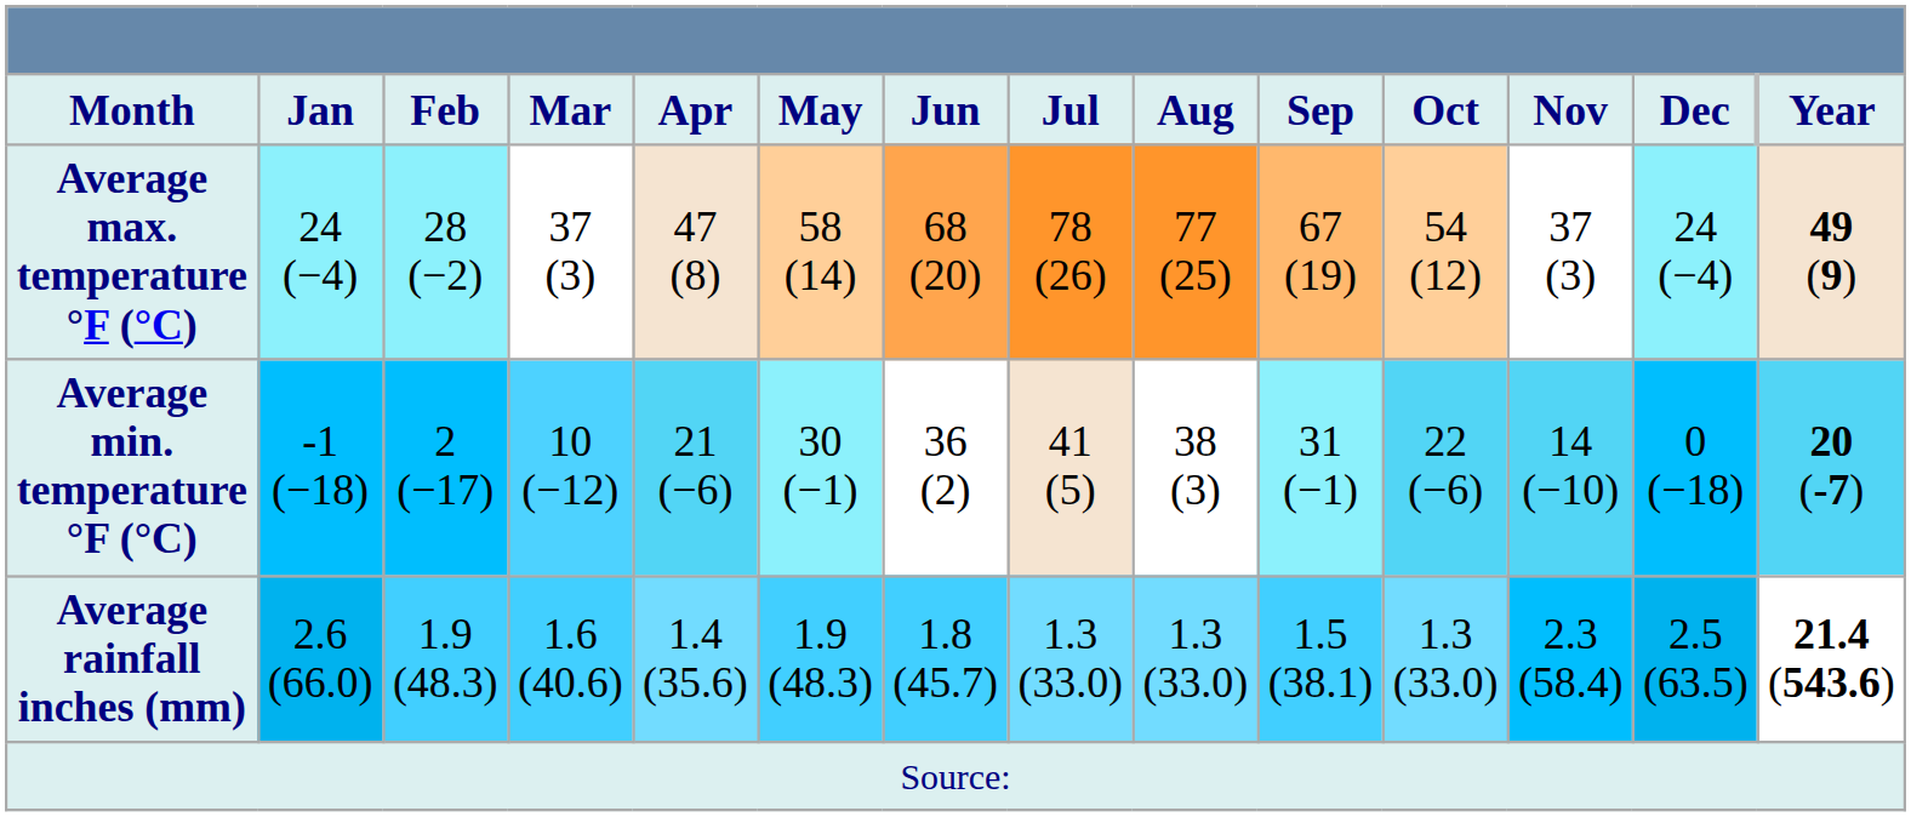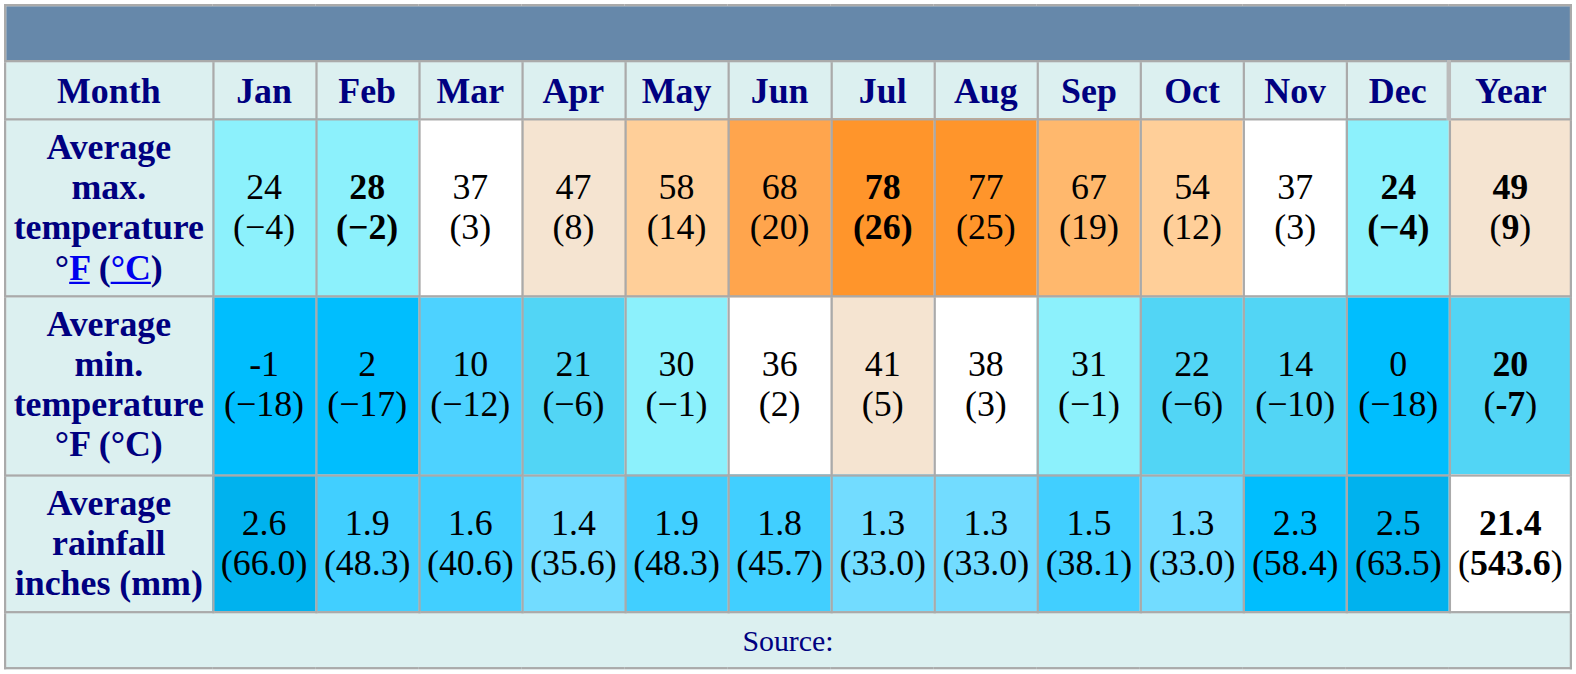 <table class="wikitable collapsible" style="width:700px;">
 <tr>
 <th colspan= "14" style="background: #6688AA; color: #6688AA"><span> Average maximum and minimum temperatures, and average rainfall.</span></th>
 </tr>
 <tr style="text-align:center;">
 <th style="background:#dcf0f0; color:navy; height:17px;">Month</th>
 <th style="background:#dcf0f0; color:navy;">Jan</th>
 <th style="background:#dcf0f0; color:navy;">Feb</th>
 <th style="background:#dcf0f0; color:navy;">Mar</th>
 <th style="background:#dcf0f0; color:navy;">Apr</th>
 <th style="background:#dcf0f0; color:navy;">May</th>
 <th style="background:#dcf0f0; color:navy;">Jun</th>
 <th style="background:#dcf0f0; color:navy;">Jul</th>
 <th style="background:#dcf0f0; color:navy;">Aug</th>
 <th style="background:#dcf0f0; color:navy;">Sep</th>
 <th style="background:#dcf0f0; color:navy;">Oct</th>
 <th style="background:#dcf0f0; color:navy;">Nov</th>
 <th style="background:#dcf0f0; color:navy;">Dec</th>
 <th style="background:#dcf0f0; color:navy; border-left:2px solid #bbb;"><strong>Year</strong></th>
 </tr>
 <tr style="text-align:center;">
 <th style="background:#dcf0f0; color:navy; height:16px;">Average max. temperature °<a href='#'>F</a> (<a href='#'>°C</a>)</th>
 <td style="background: #8CF1FC;">24<br>(−4)</td>
-<td style="background: #8CF1FC;">28<br>(−2)</td>
+<td style="background: #8CF1FC;"><strong>28<br>(−2)</strong></td>
 <td style="background:#fff;">37<br>(3)</td>
 <td style="background: #F5E4D1;">47<br>(8)</td>
 <td style="background: #FFCF99;">58<br>(14)</td>
 <td style="background: #FFA54D;">68<br>(20)</td>
-<td style="background: #FF952B;">78<br>(26)</td>
+<td style="background: #FF952B;"><strong>78<br>(26)</strong></td>
 <td style="background: #FF952B;">77<br>(25)</td>
 <td style="background: #FFB86D;">67<br>(19)</td>
 <td style="background: #FFCF99;">54<br>(12)</td>
 <td style="background:#fff;">37<br>(3)</td>
-<td style="background: #8CF1FC;">24<br>(−4)</td>
+<td style="background: #8CF1FC;"><strong>24<br>(−4)</strong></td>
 <td style="background: #F5E4D1;"><strong>49</strong><br>(<strong>9</strong>)</td>
 </tr>
 <tr style="text-align:center;">
 <th style="background:#dcf0f0; color:navy;">Average min. temperature<br>°F (°C)</th>
 <td style="background: #00BEFE;">-1<br>(−18)</td>
 <td style="background: #00BEFE;">2<br>(−17)</td>
 <td style="background: #4DD2FF;">10<br>(−12)</td>
 <td style="background: #52D5F5;">21<br>(−6)</td>
 <td style="background: #8CF1FC;">30<br>(−1)</td>
 <td style="background:#fff;">36<br>(2)</td>
 <td style="background: #F5E4D1;">41<br>(5)</td>
 <td style="background:#fff;">38<br>(3)</td>
 <td style="background: #8CF1FC;">31<br>(−1)</td>
 <td style="background: #52D5F5;">22<br>(−6)</td>
 <td style="background: #52D5F5;">14<br>(−10)</td>
 <td style="background: #00BEFE;">0<br>(−18)</td>
 <td style="background: #52D5F5;"><strong>20</strong><br>(<strong>-7</strong>)</td>
 </tr>
 <tr style="text-align:center;">
 <th style="background:#dcf0f0; color:navy;">Average rainfall<br>inches (mm)</th>
 <td style="background: #00B2EE;">2.6<br>(66.0)</td>
 <td style="background: #41CFFF;">1.9<br>(48.3)</td>
 <td style="background: #41CFFF;">1.6<br>(40.6)</td>
 <td style="background: #72DCFF;">1.4<br>(35.6)</td>
 <td style="background: #41CFFF;">1.9<br>(48.3)</td>
 <td style="background: #41CFFF;">1.8<br>(45.7)</td>
 <td style="background: #72DCFF;">1.3<br>(33.0)</td>
 <td style="background: #72DCFF;">1.3<br>(33.0)</td>
 <td style="background: #41CFFF;">1.5<br>(38.1)</td>
 <td style="background: #72DCFF;">1.3<br>(33.0)</td>
 <td style="background: #00BEFE;">2.3<br>(58.4)</td>
 <td style="background: #00B2EE;">2.5<br>(63.5)</td>
 <td style="background:#fff;"><strong>21.4</strong><br>(<strong>543.6</strong>)</td>
 </tr>
 <tr>
 <td colspan="14" style="background:#dcf0f0; color:navy; text-align:center;"><small>Source:</small></td>
 </tr>
 </table>
